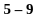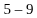 <table style="text-align:center">
 <tr>
 <th width=200></th>
 <th width=100></th>
 <th width=200></th>
 </tr>
 <tr>
 <td align=right></td>
-<td><strong>5 – 9</strong></td>
+<td>5 – 9</td>
 <td align=left><strong></strong></td>
 </tr>
 </table>
